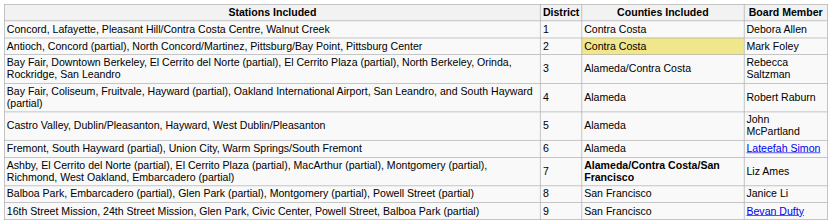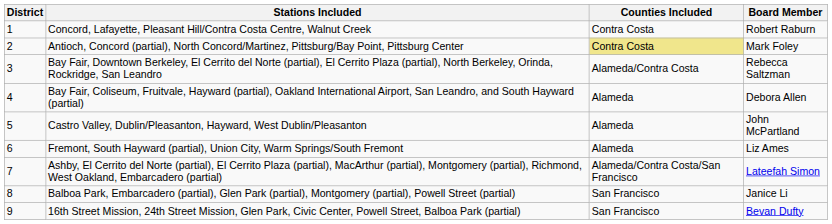 <table class="wikitable">
 <tr>
+<th>District</th>
 <th>Stations Included</th>
-<th>District</th>
 <th>Counties Included</th>
 <th>Board Member</th>
 </tr>
 <tr>
+<td>1</td>
 <td>Concord, Lafayette, Pleasant Hill/Contra Costa Centre, Walnut Creek</td>
-<td>1</td>
 <td>Contra Costa</td>
-<td>Debora Allen</td>
+<td>Robert Raburn</td>
 </tr>
 <tr>
+<td>2</td>
 <td>Antioch, Concord (partial), North Concord/Martinez, Pittsburg/Bay Point, Pittsburg Center</td>
-<td>2</td>
 <td style="background: khaki;">Contra Costa</td>
 <td>Mark Foley</td>
 </tr>
 <tr>
+<td>3</td>
 <td>Bay Fair, Downtown Berkeley, El Cerrito del Norte (partial), El Cerrito Plaza (partial), North Berkeley, Orinda, Rockridge, San Leandro</td>
-<td>3</td>
 <td>Alameda/Contra Costa</td>
 <td>Rebecca Saltzman</td>
 </tr>
 <tr>
+<td>4</td>
 <td>Bay Fair, Coliseum, Fruitvale, Hayward (partial), Oakland International Airport, San Leandro, and South Hayward (partial)</td>
-<td>4</td>
 <td>Alameda</td>
-<td>Robert Raburn</td>
+<td>Debora Allen</td>
 </tr>
 <tr>
+<td>5</td>
 <td>Castro Valley, Dublin/Pleasanton, Hayward, West Dublin/Pleasanton</td>
-<td>5</td>
 <td>Alameda</td>
 <td>John McPartland</td>
 </tr>
 <tr>
+<td>6</td>
 <td>Fremont, South Hayward (partial), Union City, Warm Springs/South Fremont</td>
-<td>6</td>
 <td>Alameda</td>
+<td>Liz Ames</td>
+</tr>
+<tr>
+<td>7</td>
+<td>Ashby, El Cerrito del Norte (partial), El Cerrito Plaza (partial), MacArthur (partial), Montgomery (partial), Richmond, West Oakland, Embarcadero (partial)</td>
+<td>Alameda/Contra Costa/San Francisco</td>
 <td><a href='#'>Lateefah Simon</a></td>
 </tr>
 <tr>
-<td>Ashby, El Cerrito del Norte (partial), El Cerrito Plaza (partial), MacArthur (partial), Montgomery (partial), Richmond, West Oakland, Embarcadero (partial)</td>
-<td>7</td>
-<td><strong>Alameda/Contra Costa/San Francisco</strong></td>
-<td>Liz Ames</td>
-</tr>
-<tr>
+<td>8</td>
 <td>Balboa Park, Embarcadero (partial), Glen Park (partial), Montgomery (partial), Powell Street (partial)</td>
-<td>8</td>
 <td>San Francisco</td>
 <td>Janice Li</td>
 </tr>
 <tr>
+<td>9</td>
 <td>16th Street Mission, 24th Street Mission, Glen Park, Civic Center, Powell Street, Balboa Park (partial)</td>
-<td>9</td>
 <td>San Francisco</td>
 <td><a href='#'>Bevan Dufty</a></td>
 </tr>
 </table>
